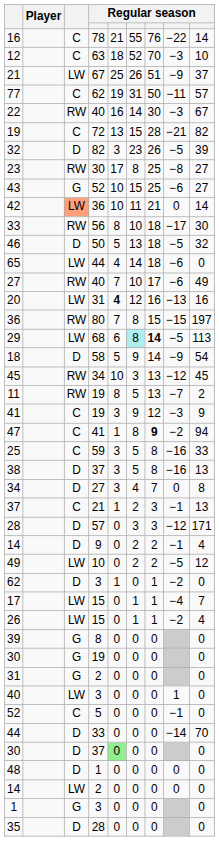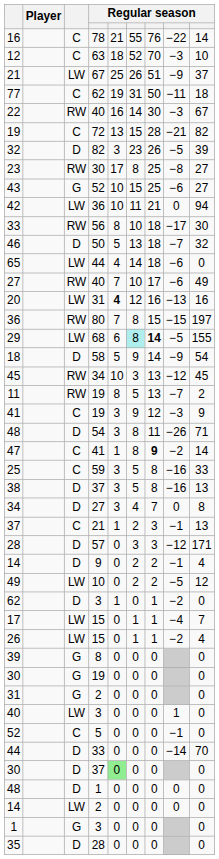 <table class="wikitable sortable plainrowheaders" style="text-align:center;">
 <tr>
 <th scope="col" data-sort-type="number" rowspan="2"></th>
 <th scope="col" rowspan="2">Player</th>
 <th scope="col" rowspan="2"></th>
 <th scope=colgroup colspan=6>Regular season</th>
 </tr>
 <tr>
 <th scope="col" data-sort-type="number"></th>
 <th scope="col" data-sort-type="number"></th>
 <th scope="col" data-sort-type="number"></th>
 <th scope="col" data-sort-type="number"></th>
 <th scope="col" data-sort-type="number"></th>
 <th scope="col" data-sort-type="number"></th>
 </tr>
 <tr>
 <td scope="row">16</td>
 <td align="left"></td>
 <td>C</td>
 <td>78</td>
 <td>21</td>
 <td>55</td>
 <td>76</td>
 <td>−22</td>
 <td>14</td>
 </tr>
 <tr>
 <td scope="row">12</td>
 <td align="left"></td>
 <td>C</td>
 <td>63</td>
 <td>18</td>
 <td>52</td>
 <td>70</td>
 <td>−3</td>
 <td>10</td>
 </tr>
 <tr>
 <td scope="row">21</td>
 <td align="left"></td>
 <td>LW</td>
 <td>67</td>
 <td>25</td>
 <td>26</td>
 <td>51</td>
 <td>−9</td>
 <td>37</td>
 </tr>
 <tr>
 <td scope="row">77</td>
 <td align="left"></td>
 <td>C</td>
 <td>62</td>
 <td>19</td>
 <td>31</td>
 <td>50</td>
 <td>−11</td>
-<td>57</td>
+<td>18</td>
 </tr>
 <tr>
 <td scope="row">22</td>
 <td align="left"></td>
 <td>RW</td>
 <td>40</td>
 <td>16</td>
 <td>14</td>
 <td>30</td>
 <td>−3</td>
 <td>67</td>
 </tr>
 <tr>
 <td scope="row">19</td>
 <td align="left"></td>
 <td>C</td>
 <td>72</td>
 <td>13</td>
 <td>15</td>
 <td>28</td>
 <td>−21</td>
 <td>82</td>
 </tr>
 <tr>
 <td scope="row">32</td>
 <td align="left"></td>
 <td>D</td>
 <td>82</td>
 <td>3</td>
 <td>23</td>
 <td>26</td>
 <td>−5</td>
 <td>39</td>
 </tr>
 <tr>
 <td scope="row">23</td>
 <td align="left"></td>
 <td>RW</td>
 <td>30</td>
 <td>17</td>
 <td>8</td>
 <td>25</td>
 <td>−8</td>
 <td>27</td>
 </tr>
 <tr>
 <td scope="row">43</td>
 <td align="left"></td>
 <td>G</td>
 <td>52</td>
 <td>10</td>
 <td>15</td>
 <td>25</td>
 <td>−6</td>
 <td>27</td>
 </tr>
 <tr>
 <td scope="row">42</td>
 <td align="left"></td>
-<td style="background: lightsalmon;">LW</td>
+<td>LW</td>
 <td>36</td>
 <td>10</td>
 <td>11</td>
 <td>21</td>
 <td>0</td>
-<td>14</td>
+<td>94</td>
 </tr>
 <tr>
 <td scope="row">33</td>
 <td align="left"></td>
 <td>RW</td>
 <td>56</td>
 <td>8</td>
 <td>10</td>
 <td>18</td>
 <td>−17</td>
 <td>30</td>
 </tr>
 <tr>
 <td scope="row">46</td>
 <td align="left"></td>
 <td>D</td>
 <td>50</td>
 <td>5</td>
 <td>13</td>
 <td>18</td>
-<td>−5</td>
+<td>−7</td>
 <td>32</td>
 </tr>
 <tr>
 <td scope="row">65</td>
 <td align="left"></td>
 <td>LW</td>
 <td>44</td>
 <td>4</td>
 <td>14</td>
 <td>18</td>
 <td>−6</td>
 <td>0</td>
 </tr>
 <tr>
 <td scope="row">27</td>
 <td align="left"></td>
 <td>RW</td>
 <td>40</td>
 <td>7</td>
 <td>10</td>
 <td>17</td>
 <td>−6</td>
 <td>49</td>
 </tr>
 <tr>
 <td scope="row">20</td>
 <td align="left"></td>
 <td>LW</td>
 <td>31</td>
 <td><strong>4</strong></td>
 <td>12</td>
 <td>16</td>
 <td>−13</td>
 <td>16</td>
 </tr>
 <tr>
 <td scope="row">36</td>
 <td align="left"></td>
 <td>RW</td>
 <td>80</td>
 <td>7</td>
 <td>8</td>
 <td>15</td>
 <td>−15</td>
 <td>197</td>
 </tr>
 <tr>
 <td scope="row">29</td>
 <td align="left"></td>
 <td>LW</td>
 <td>68</td>
 <td>6</td>
 <td style="background: paleturquoise;">8</td>
 <td><strong>14</strong></td>
 <td>−5</td>
-<td>113</td>
+<td>155</td>
 </tr>
 <tr>
 <td scope="row">18</td>
 <td align="left"></td>
 <td>D</td>
 <td>58</td>
 <td>5</td>
 <td>9</td>
 <td>14</td>
 <td>−9</td>
 <td>54</td>
 </tr>
 <tr>
 <td scope="row">45</td>
 <td align="left"></td>
 <td>RW</td>
 <td>34</td>
 <td>10</td>
 <td>3</td>
 <td>13</td>
 <td>−12</td>
 <td>45</td>
 </tr>
 <tr>
 <td scope="row">11</td>
 <td align="left"></td>
 <td>RW</td>
 <td>19</td>
 <td>8</td>
 <td>5</td>
 <td>13</td>
 <td>−7</td>
 <td>2</td>
 </tr>
 <tr>
 <td scope="row">41</td>
 <td align="left"></td>
 <td>C</td>
 <td>19</td>
 <td>3</td>
 <td>9</td>
 <td>12</td>
 <td>−3</td>
 <td>9</td>
 </tr>
 <tr>
+<td scope="row">48</td>
+<td align="left"></td>
+<td>D</td>
+<td>54</td>
+<td>3</td>
+<td>8</td>
+<td>11</td>
+<td>−26</td>
+<td>71</td>
+</tr>
+<tr>
 <td scope="row">47</td>
 <td align="left"></td>
 <td>C</td>
 <td>41</td>
 <td>1</td>
 <td>8</td>
 <td><strong>9</strong></td>
 <td>−2</td>
-<td>94</td>
+<td>14</td>
 </tr>
 <tr>
 <td scope="row">25</td>
 <td align="left"></td>
 <td>C</td>
 <td>59</td>
 <td>3</td>
 <td>5</td>
 <td>8</td>
 <td>−16</td>
 <td>33</td>
 </tr>
 <tr>
 <td scope="row">38</td>
 <td align="left"></td>
 <td>D</td>
 <td>37</td>
 <td>3</td>
 <td>5</td>
 <td>8</td>
 <td>−16</td>
 <td>13</td>
 </tr>
 <tr>
 <td scope="row">34</td>
 <td align="left"></td>
 <td>D</td>
 <td>27</td>
 <td>3</td>
 <td>4</td>
 <td>7</td>
 <td>0</td>
 <td>8</td>
 </tr>
 <tr>
 <td scope="row">37</td>
 <td align="left"></td>
 <td>C</td>
 <td>21</td>
 <td>1</td>
 <td>2</td>
 <td>3</td>
 <td>−1</td>
 <td>13</td>
 </tr>
 <tr>
 <td scope="row">28</td>
 <td align="left"></td>
 <td>D</td>
 <td>57</td>
 <td>0</td>
 <td>3</td>
 <td>3</td>
 <td>−12</td>
 <td>171</td>
 </tr>
 <tr>
 <td scope="row">14</td>
 <td align="left"></td>
 <td>D</td>
 <td>9</td>
 <td>0</td>
 <td>2</td>
 <td>2</td>
 <td>−1</td>
 <td>4</td>
 </tr>
 <tr>
 <td scope="row">49</td>
 <td align="left"></td>
 <td>LW</td>
 <td>10</td>
 <td>0</td>
 <td>2</td>
 <td>2</td>
 <td>−5</td>
 <td>12</td>
 </tr>
 <tr>
 <td scope="row">62</td>
 <td align="left"></td>
 <td>D</td>
 <td>3</td>
 <td>1</td>
 <td>0</td>
 <td>1</td>
 <td>−2</td>
 <td>0</td>
 </tr>
 <tr>
 <td scope="row">17</td>
 <td align="left"></td>
 <td>LW</td>
 <td>15</td>
 <td>0</td>
 <td>1</td>
 <td>1</td>
 <td>−4</td>
 <td>7</td>
 </tr>
 <tr>
 <td scope="row">26</td>
 <td align="left"></td>
 <td>LW</td>
 <td>15</td>
 <td>0</td>
 <td>1</td>
 <td>1</td>
 <td>−2</td>
 <td>4</td>
 </tr>
 <tr>
 <td scope="row">39</td>
 <td align="left"></td>
 <td>G</td>
 <td>8</td>
 <td>0</td>
 <td>0</td>
 <td>0</td>
 <td style="background:#ccc"></td>
 <td>0</td>
 </tr>
 <tr>
 <td scope="row">30</td>
 <td align="left"></td>
 <td>G</td>
 <td>19</td>
 <td>0</td>
 <td>0</td>
 <td>0</td>
 <td style="background:#ccc"></td>
 <td>0</td>
 </tr>
 <tr>
 <td scope="row">31</td>
 <td align="left"></td>
 <td>G</td>
 <td>2</td>
 <td>0</td>
 <td>0</td>
 <td>0</td>
 <td style="background:#ccc"></td>
 <td>0</td>
 </tr>
 <tr>
 <td scope="row">40</td>
 <td align="left"></td>
 <td>LW</td>
 <td>3</td>
 <td>0</td>
 <td>0</td>
 <td>0</td>
 <td>1</td>
 <td>0</td>
 </tr>
 <tr>
 <td scope="row">52</td>
 <td align="left"></td>
 <td>C</td>
 <td>5</td>
 <td>0</td>
 <td>0</td>
 <td>0</td>
 <td>−1</td>
 <td>0</td>
 </tr>
 <tr>
 <td scope="row">44</td>
 <td align="left"></td>
 <td>D</td>
 <td>33</td>
 <td>0</td>
 <td>0</td>
 <td>0</td>
 <td>−14</td>
 <td>70</td>
 </tr>
 <tr>
 <td scope="row">30</td>
 <td align="left"></td>
 <td>D</td>
 <td>37</td>
 <td style="background: lightgreen;">0</td>
 <td>0</td>
 <td>0</td>
 <td style="background:#ccc"></td>
 <td>0</td>
 </tr>
 <tr>
 <td scope="row">48</td>
 <td align="left"></td>
 <td>D</td>
 <td>1</td>
 <td>0</td>
 <td>0</td>
 <td>0</td>
 <td>0</td>
 <td>0</td>
 </tr>
 <tr>
 <td scope="row">14</td>
 <td align="left"></td>
 <td>LW</td>
 <td>2</td>
 <td>0</td>
 <td>0</td>
 <td>0</td>
 <td>0</td>
 <td>0</td>
 </tr>
 <tr>
 <td scope="row">1</td>
 <td align="left"></td>
 <td>G</td>
 <td>3</td>
 <td>0</td>
 <td>0</td>
 <td>0</td>
 <td style="background:#ccc"></td>
 <td>0</td>
 </tr>
 <tr>
 <td scope="row">35</td>
 <td align="left"></td>
 <td>D</td>
 <td>28</td>
 <td>0</td>
 <td>0</td>
 <td>0</td>
 <td style="background:#ccc"></td>
 <td>0</td>
 </tr>
 </table>
